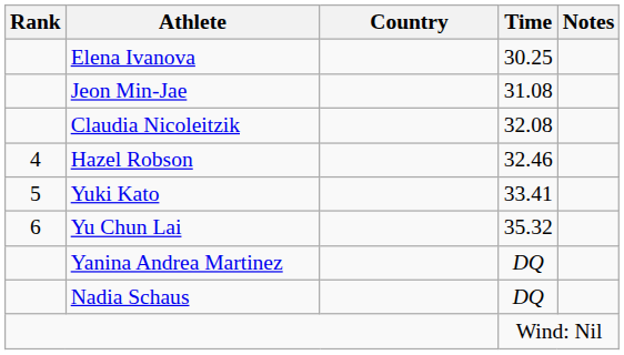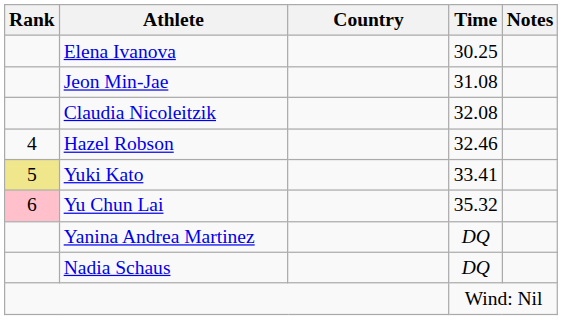 <table class="wikitable sortable" style="text-align:center">
 <tr>
 <th>Rank</th>
 <th style="width:180px">Athlete</th>
 <th style="width:125px">Country</th>
 <th>Time</th>
 <th>Notes</th>
 </tr>
 <tr>
 <td></td>
 <td style="text-align:left;"><a href='#'>Elena Ivanova</a></td>
 <td style="text-align:left;"></td>
 <td>30.25</td>
 <td></td>
 </tr>
 <tr>
 <td></td>
 <td style="text-align:left;"><a href='#'>Jeon Min-Jae</a></td>
 <td style="text-align:left;"></td>
 <td>31.08</td>
 <td></td>
 </tr>
 <tr>
 <td></td>
 <td style="text-align:left;"><a href='#'>Claudia Nicoleitzik</a></td>
 <td style="text-align:left;"></td>
 <td>32.08</td>
 <td></td>
 </tr>
 <tr>
 <td>4</td>
 <td style="text-align:left;"><a href='#'>Hazel Robson</a></td>
 <td style="text-align:left;"></td>
 <td>32.46</td>
 <td></td>
 </tr>
 <tr>
-<td>5</td>
+<td style="background: khaki;">5</td>
 <td style="text-align:left;"><a href='#'>Yuki Kato</a></td>
 <td style="text-align:left;"></td>
 <td>33.41</td>
 <td></td>
 </tr>
 <tr>
-<td>6</td>
+<td style="background: pink;">6</td>
 <td style="text-align:left;"><a href='#'>Yu Chun Lai</a></td>
 <td style="text-align:left;"></td>
 <td>35.32</td>
 <td></td>
 </tr>
 <tr>
 <td></td>
 <td style="text-align:left;"><a href='#'>Yanina Andrea Martinez</a></td>
 <td style="text-align:left;"></td>
 <td><em>DQ</em></td>
 <td></td>
 </tr>
 <tr>
 <td></td>
 <td style="text-align:left;"><a href='#'>Nadia Schaus</a></td>
 <td style="text-align:left;"></td>
 <td><em>DQ</em></td>
 <td></td>
 </tr>
 <tr class="sortbottom">
 <td colspan="3"></td>
 <td colspan="2">Wind: Nil</td>
 </tr>
 </table>
